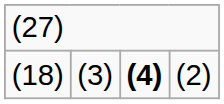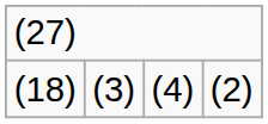 <table class="wikitable">
 <tr>
 <td colspan="4"> (27)</td>
 </tr>
 <tr>
 <td> (18)</td>
 <td> (3)</td>
-<td><strong> (4)</strong></td>
+<td> (4)</td>
 <td> (2)</td>
 </tr>
 </table>
